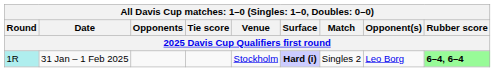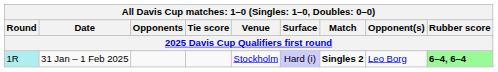 <table class="wikitable" style="font-size:96%">
 <tr>
 <th colspan="9">All Davis Cup matches: 1–0 (Singles: 1–0, Doubles: 0–0)</th>
 </tr>
 <tr>
 <th>Round</th>
 <th>Date</th>
 <th>Opponents</th>
 <th>Tie score</th>
 <th>Venue</th>
 <th>Surface</th>
 <th>Match</th>
 <th>Opponent(s)</th>
 <th>Rubber score</th>
 </tr>
 <tr>
 <th colspan="9"><a href='#'>2025 Davis Cup Qualifiers first round</a></th>
 </tr>
 <tr>
 <td bgcolor="afeeee">1R</td>
 <td>31 Jan – 1 Feb 2025</td>
 <td></td>
 <td></td>
 <td><a href='#'>Stockholm</a></td>
-<td style="text-align:center; background:#ccf;"><strong>Hard (i)</strong></td>
-<td>Singles 2</td>
+<td style="text-align:center; background:#ccf;">Hard (i)</td>
+<td><strong>Singles 2</strong></td>
 <td><a href='#'>Leo Borg</a></td>
 <td bgcolor="98fb98"><strong>6–4, 6–4</strong></td>
 </tr>
 </table>
